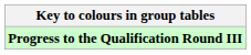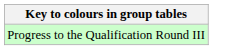 <table class="wikitable" border="1">
 <tr>
 <th>Key to colours in group tables</th>
 </tr>
 <tr style="background:#cfc;">
-<td><strong>Progress to the Qualification Round III</strong></td>
+<td>Progress to the Qualification Round III</td>
 </tr>
 </table>
